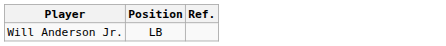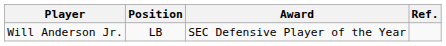 <table class="wikitable sortable" style="text-align:center">
 <tr>
 <th>Player</th>
 <th>Position</th>
+<th>Award</th>
 <th>Ref.</th>
 </tr>
 <tr>
 <td>Will Anderson Jr.</td>
 <td>LB</td>
+<td>SEC Defensive Player of the Year</td>
 <td></td>
 </tr>
 </table>
